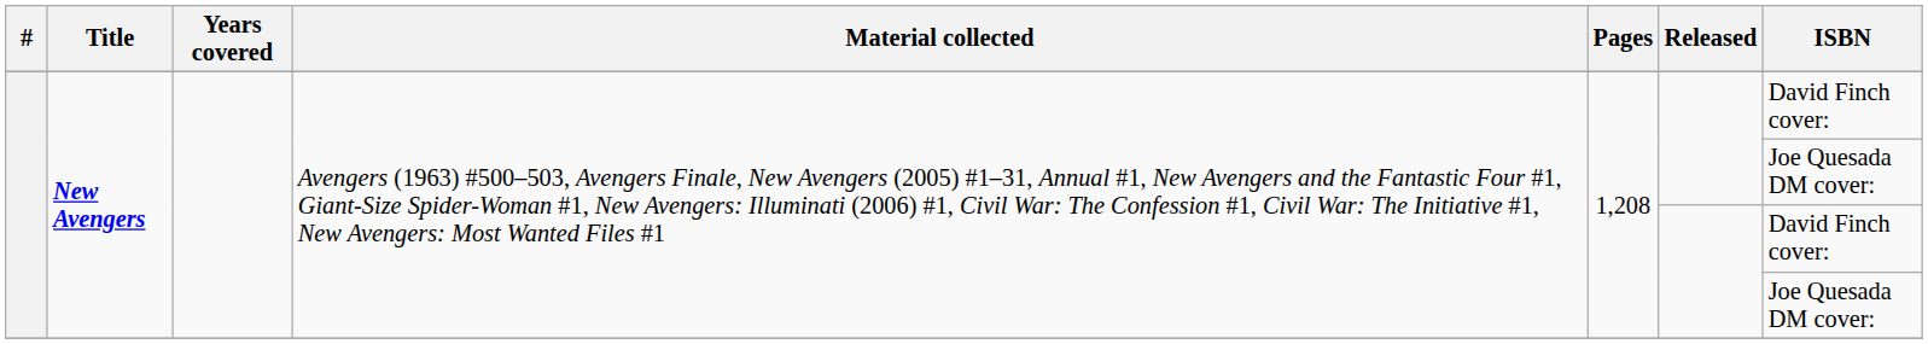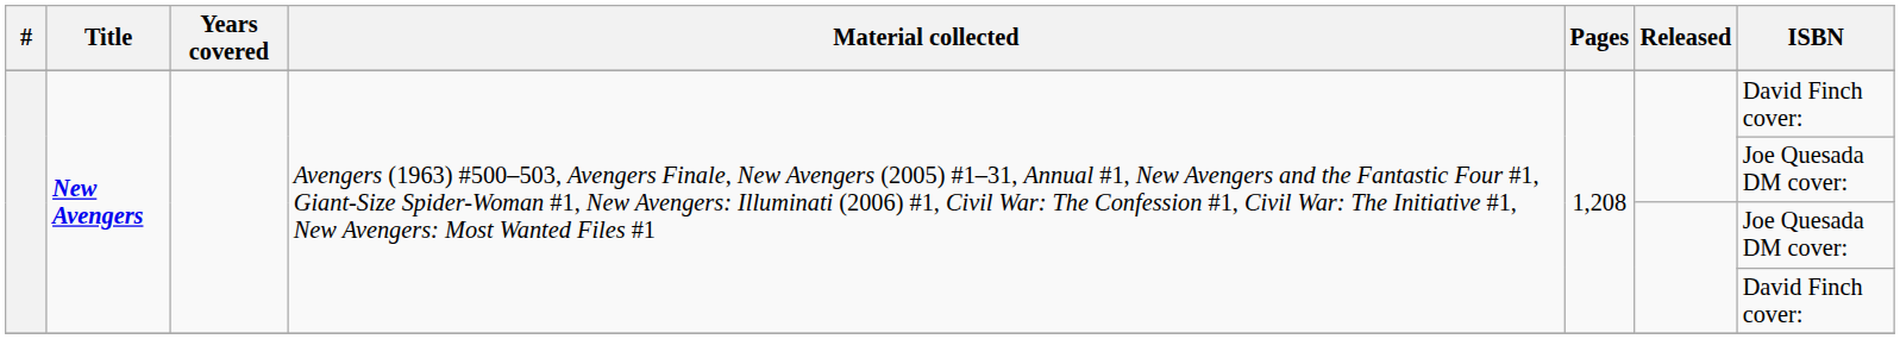 <table class="wikitable sortable" width="99%">
 <tr>
 <th class="unsortable" width="20px">#</th>
 <th>Title</th>
 <th>Years covered</th>
 <th class="unsortable">Material collected</th>
 <th>Pages</th>
 <th>Released</th>
 <th class="unsortable">ISBN</th>
 </tr>
 <tr>
 </tr>
 <tr>
 <th rowspan="4" style="background-color: light grey;"></th>
 <td rowspan="4"><strong><em><a href='#'>New Avengers</a></em></strong></td>
 <td rowspan="4"></td>
 <td rowspan="4"><em>Avengers</em> (1963) #500–503, <em>Avengers Finale</em>, <em>New Avengers</em> (2005) #1–31, <em>Annual</em> #1, <em>New Avengers and the Fantastic Four</em> #1, <em>Giant-Size Spider-Woman</em> #1, <em>New Avengers: Illuminati</em> (2006) #1, <em>Civil War: The Confession</em> #1, <em>Civil War: The Initiative</em> #1, <em>New Avengers: Most Wanted Files</em> #1</td>
 <td rowspan="4" style="text-align: center;">1,208</td>
 <td rowspan="2"></td>
 <td>David Finch cover: </td>
 </tr>
 <tr>
 <td>Joe Quesada DM cover: </td>
 </tr>
 <tr>
 <td rowspan="2"></td>
-<td>David Finch cover: </td>
+<td>Joe Quesada DM cover: </td>
 </tr>
 <tr>
-<td>Joe Quesada DM cover: </td>
+<td>David Finch cover: </td>
 </tr>
 <tr>
 </tr>
 </table>
